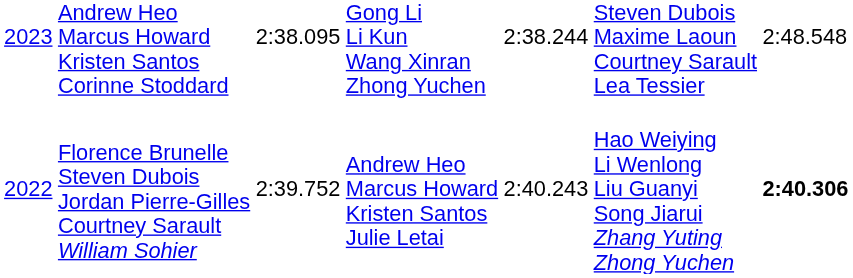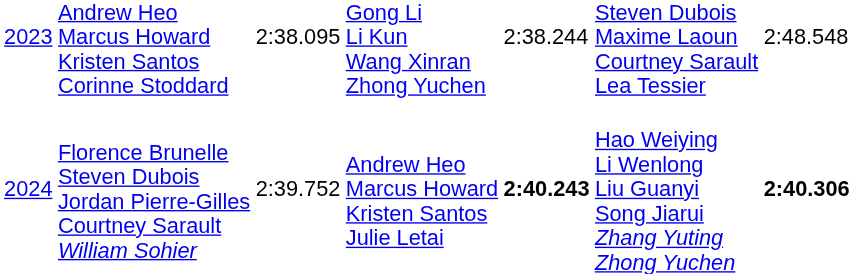 <table>
 <tr>
 <td><a href='#'>2023</a></td>
 <td><br><a href='#'>Andrew Heo</a><br><a href='#'>Marcus Howard</a><br><a href='#'>Kristen Santos</a><br><a href='#'>Corinne Stoddard</a></td>
 <td>2:38.095</td>
 <td><br><a href='#'>Gong Li</a><br><a href='#'>Li Kun</a><br><a href='#'>Wang Xinran</a><br><a href='#'>Zhong Yuchen</a></td>
 <td>2:38.244</td>
 <td><br><a href='#'>Steven Dubois</a><br><a href='#'>Maxime Laoun</a><br><a href='#'>Courtney Sarault</a><br><a href='#'>Lea Tessier</a></td>
 <td>2:48.548</td>
 </tr>
 <tr>
-<td><a href='#'>2022</a></td>
+<td><a href='#'>2024</a></td>
 <td><br><a href='#'>Florence Brunelle</a><br><a href='#'>Steven Dubois</a><br><a href='#'>Jordan Pierre-Gilles</a><br><a href='#'>Courtney Sarault</a><br><em><a href='#'>William Sohier</a></em></td>
 <td>2:39.752</td>
 <td><br><a href='#'>Andrew Heo</a><br><a href='#'>Marcus Howard</a><br><a href='#'>Kristen Santos</a><br><a href='#'>Julie Letai</a></td>
-<td>2:40.243</td>
+<td><strong>2:40.243</strong></td>
 <td><br><a href='#'>Hao Weiying</a><br><a href='#'>Li Wenlong</a><br><a href='#'>Liu Guanyi</a><br><a href='#'>Song Jiarui</a><br><em><a href='#'>Zhang Yuting</a></em><br><em><a href='#'>Zhong Yuchen</a></em></td>
 <td><strong>2:40.306</strong></td>
 </tr>
 </table>
